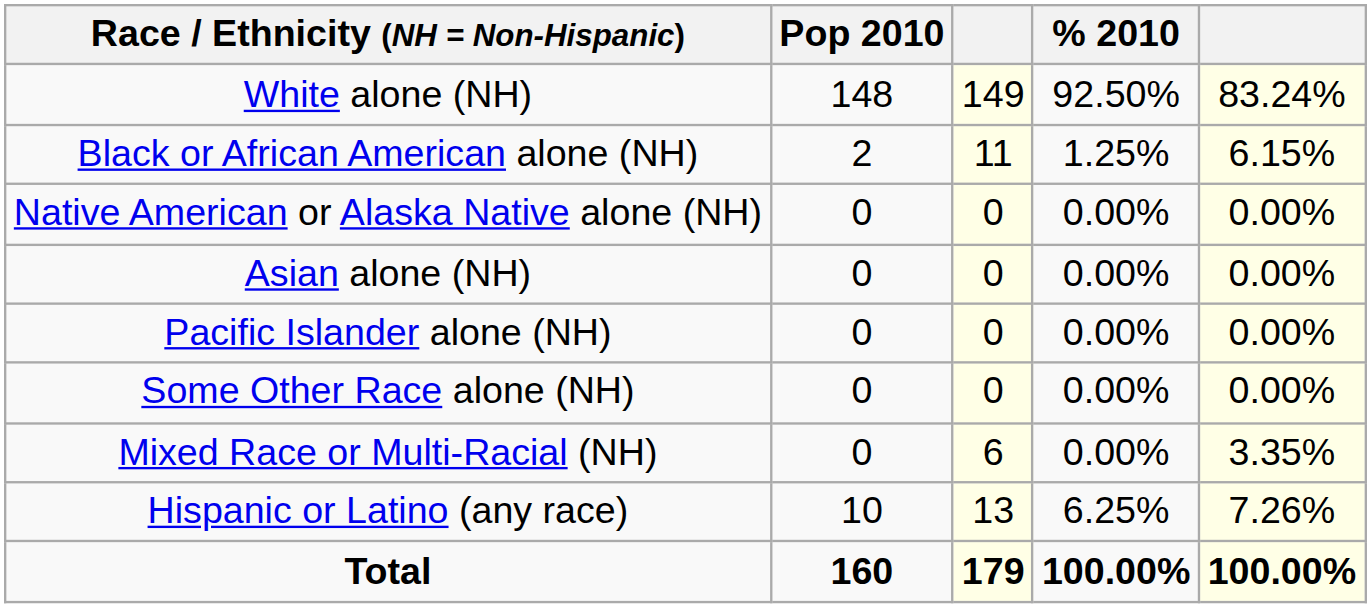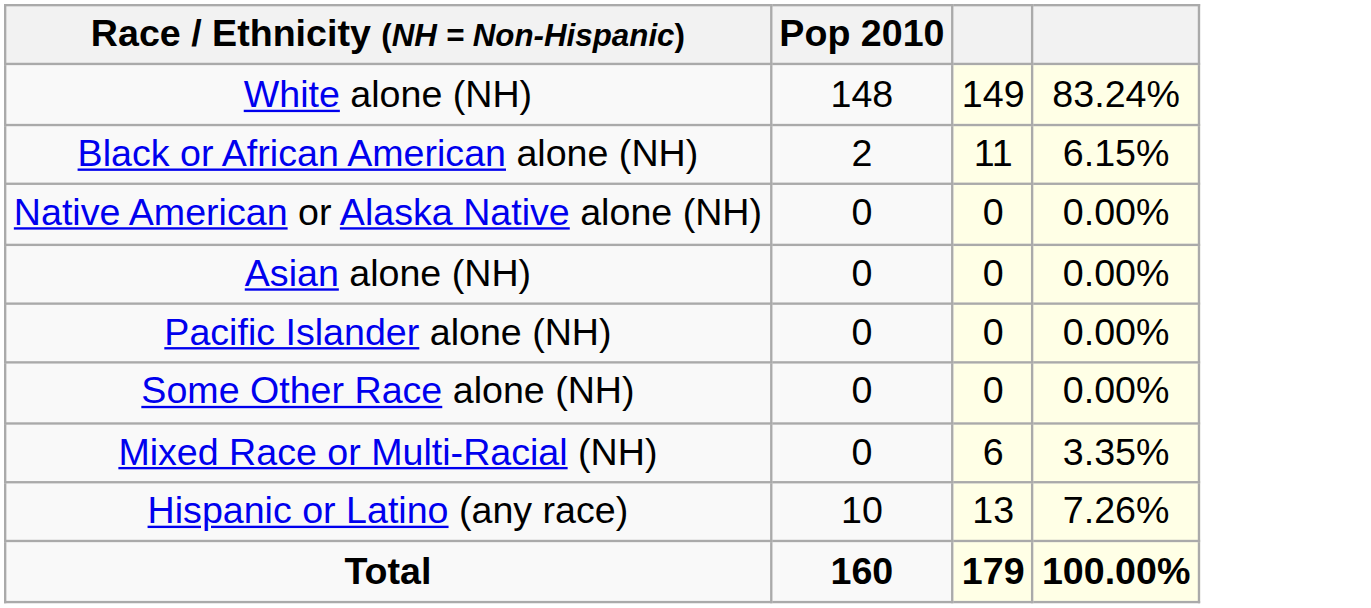 <table class="wikitable" style="text-align:center;">
 <tr>
 <th>Race / Ethnicity <small>(<em>NH = Non-Hispanic</em>)</small></th>
 <th>Pop 2010</th>
 <th></th>
-<th>% 2010</th>
 <th></th>
 </tr>
 <tr>
 <td><a href='#'>White</a> alone (NH)</td>
 <td>148</td>
 <td style='background: #ffffe6;'>149</td>
-<td>92.50%</td>
 <td style='background: #ffffe6;'>83.24%</td>
 </tr>
 <tr>
 <td><a href='#'>Black or African American</a> alone (NH)</td>
 <td>2</td>
 <td style='background: #ffffe6;'>11</td>
-<td>1.25%</td>
 <td style='background: #ffffe6;'>6.15%</td>
 </tr>
 <tr>
 <td><a href='#'>Native American</a> or <a href='#'>Alaska Native</a> alone (NH)</td>
 <td>0</td>
 <td style='background: #ffffe6;'>0</td>
-<td>0.00%</td>
 <td style='background: #ffffe6;'>0.00%</td>
 </tr>
 <tr>
 <td><a href='#'>Asian</a> alone (NH)</td>
 <td>0</td>
 <td style='background: #ffffe6;'>0</td>
-<td>0.00%</td>
 <td style='background: #ffffe6;'>0.00%</td>
 </tr>
 <tr>
 <td><a href='#'>Pacific Islander</a> alone (NH)</td>
 <td>0</td>
 <td style='background: #ffffe6;'>0</td>
-<td>0.00%</td>
 <td style='background: #ffffe6;'>0.00%</td>
 </tr>
 <tr>
 <td><a href='#'>Some Other Race</a> alone (NH)</td>
 <td>0</td>
 <td style='background: #ffffe6;'>0</td>
-<td>0.00%</td>
 <td style='background: #ffffe6;'>0.00%</td>
 </tr>
 <tr>
 <td><a href='#'>Mixed Race or Multi-Racial</a> (NH)</td>
 <td>0</td>
 <td style='background: #ffffe6;'>6</td>
-<td>0.00%</td>
 <td style='background: #ffffe6;'>3.35%</td>
 </tr>
 <tr>
 <td><a href='#'>Hispanic or Latino</a> (any race)</td>
 <td>10</td>
 <td style='background: #ffffe6;'>13</td>
-<td>6.25%</td>
 <td style='background: #ffffe6;'>7.26%</td>
 </tr>
 <tr>
 <td><strong>Total</strong></td>
 <td><strong>160</strong></td>
 <td style='background: #ffffe6;'><strong>179</strong></td>
-<td><strong>100.00%</strong></td>
 <td style='background: #ffffe6;'><strong>100.00%</strong></td>
 </tr>
 </table>
